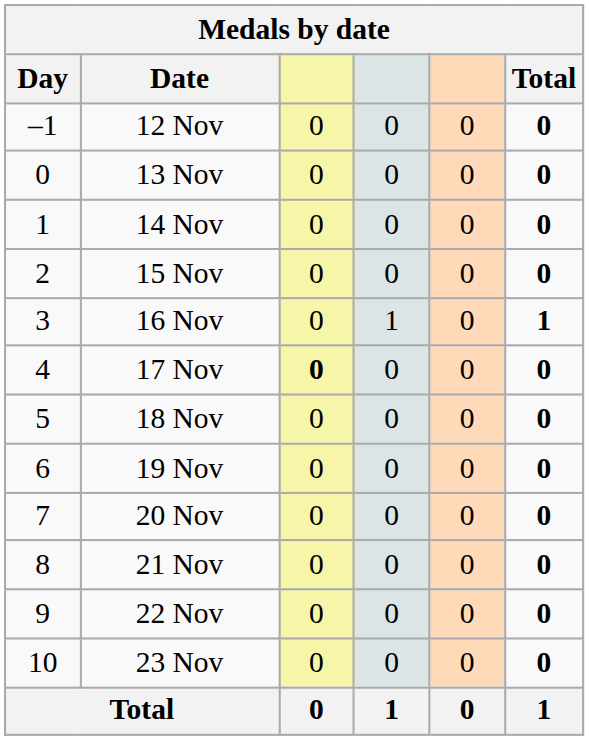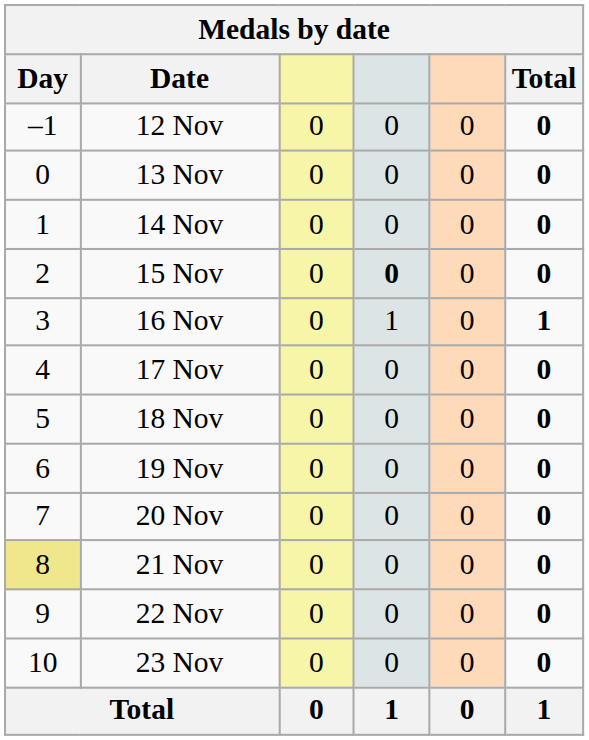 <table class="wikitable" style="font-size:90%; text-align:center;">
 <tr style="background:#efefef;">
 <th colspan=6><strong>Medals by date</strong></th>
 </tr>
 <tr>
 <th width=30><strong>Day</strong></th>
 <th width=90><strong>Date</strong></th>
 <th width=30 style="background:#F7F6A8;"></th>
 <th width=30 style="background:#DCE5E5;"></th>
 <th width=30 style="background:#FFDAB9;"></th>
 <th width=30><strong>Total</strong></th>
 </tr>
 <tr>
 <td>–1</td>
 <td>12 Nov</td>
 <td style="background:#F7F6A8;">0</td>
 <td style="background:#DCE5E5;">0</td>
 <td style="background:#FFDAB9;">0</td>
 <td><strong>0</strong></td>
 </tr>
 <tr>
 <td>0</td>
 <td>13 Nov</td>
 <td style="background:#F7F6A8;">0</td>
 <td style="background:#DCE5E5;">0</td>
 <td style="background:#FFDAB9;">0</td>
 <td><strong>0</strong></td>
 </tr>
 <tr>
 <td>1</td>
 <td>14 Nov</td>
 <td style="background:#F7F6A8;">0</td>
 <td style="background:#DCE5E5;">0</td>
 <td style="background:#FFDAB9;">0</td>
 <td><strong>0</strong></td>
 </tr>
 <tr>
 <td>2</td>
 <td>15 Nov</td>
 <td style="background:#F7F6A8;">0</td>
-<td style="background:#DCE5E5;">0</td>
+<td style="background:#DCE5E5;"><strong>0</strong></td>
 <td style="background:#FFDAB9;">0</td>
 <td><strong>0</strong></td>
 </tr>
 <tr>
 <td>3</td>
 <td>16 Nov</td>
 <td style="background:#F7F6A8;">0</td>
 <td style="background:#DCE5E5;">1</td>
 <td style="background:#FFDAB9;">0</td>
 <td><strong>1</strong></td>
 </tr>
 <tr>
 <td>4</td>
 <td>17 Nov</td>
-<td style="background:#F7F6A8;"><strong>0</strong></td>
+<td style="background:#F7F6A8;">0</td>
 <td style="background:#DCE5E5;">0</td>
 <td style="background:#FFDAB9;">0</td>
 <td><strong>0</strong></td>
 </tr>
 <tr>
 <td>5</td>
 <td>18 Nov</td>
 <td style="background:#F7F6A8;">0</td>
 <td style="background:#DCE5E5;">0</td>
 <td style="background:#FFDAB9;">0</td>
 <td><strong>0</strong></td>
 </tr>
 <tr>
 <td>6</td>
 <td>19 Nov</td>
 <td style="background:#F7F6A8;">0</td>
 <td style="background:#DCE5E5;">0</td>
 <td style="background:#FFDAB9;">0</td>
 <td><strong>0</strong></td>
 </tr>
 <tr>
 <td>7</td>
 <td>20 Nov</td>
 <td style="background:#F7F6A8;">0</td>
 <td style="background:#DCE5E5;">0</td>
 <td style="background:#FFDAB9;">0</td>
 <td><strong>0</strong></td>
 </tr>
 <tr>
-<td>8</td>
+<td style="background: khaki;">8</td>
 <td>21 Nov</td>
 <td style="background:#F7F6A8;">0</td>
 <td style="background:#DCE5E5;">0</td>
 <td style="background:#FFDAB9;">0</td>
 <td><strong>0</strong></td>
 </tr>
 <tr>
 <td>9</td>
 <td>22 Nov</td>
 <td style="background:#F7F6A8;">0</td>
 <td style="background:#DCE5E5;">0</td>
 <td style="background:#FFDAB9;">0</td>
 <td><strong>0</strong></td>
 </tr>
 <tr>
 <td>10</td>
 <td>23 Nov</td>
 <td style="background:#F7F6A8;">0</td>
 <td style="background:#DCE5E5;">0</td>
 <td style="background:#FFDAB9;">0</td>
 <td><strong>0</strong></td>
 </tr>
 <tr>
 <th colspan="2"><strong>Total</strong></th>
 <th><strong>0</strong></th>
 <th><strong>1</strong></th>
 <th><strong>0</strong></th>
 <th><strong>1</strong></th>
 </tr>
 </table>
